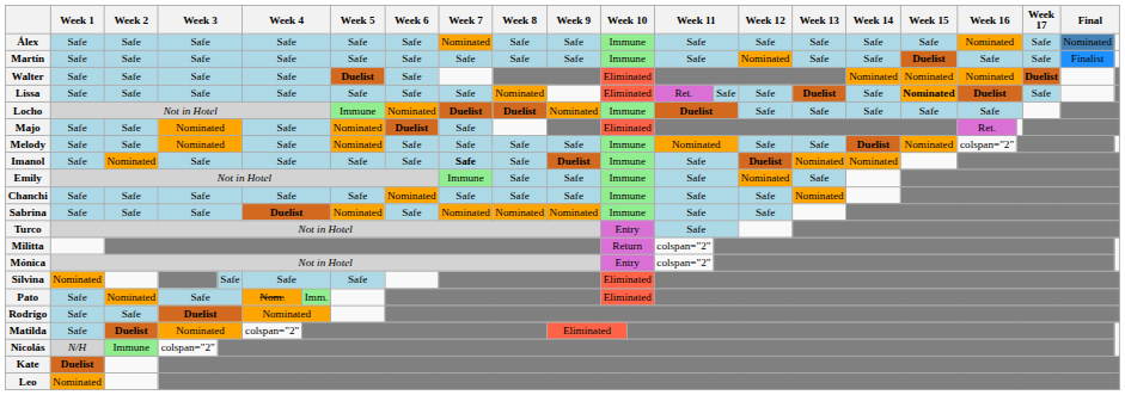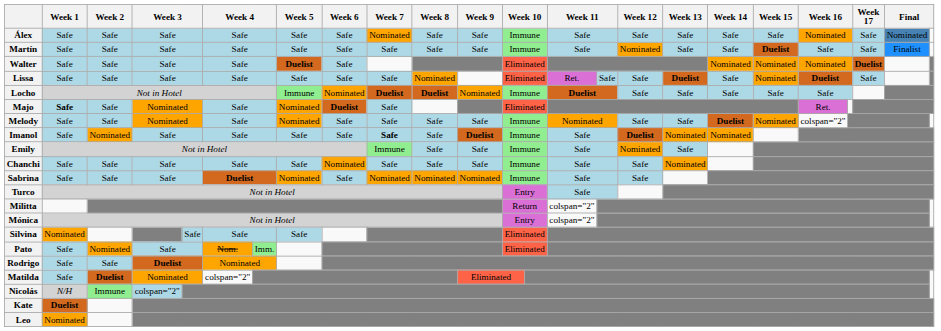 <table class="wikitable" style="text-align:center; font-size:65%; align:left;">
 <tr>
 <th style="width:6%"></th>
 <th style="width:%">Week 1</th>
 <th style="width:%">Week 2</th>
 <th colspan="2" style="width:%">Week 3</th>
 <th colspan="2" style="width:%">Week 4</th>
 <th style="width:%">Week 5</th>
 <th style="width:%">Week 6</th>
 <th style="width:%">Week 7</th>
 <th style="width:%">Week 8</th>
 <th style="width:%">Week 9</th>
 <th colspan="2" style="width:%">Week 10</th>
 <th colspan="2" style="width:%">Week 11</th>
 <th style="width:%">Week 12</th>
 <th style="width:%">Week 13</th>
 <th style="width:%">Week 14</th>
 <th style="width:%">Week 15</th>
 <th style="width:%" colspan="2">Week 16</th>
 <th style="width:%">Week 17</th>
 <th colspan="2" style="width:%">Final</th>
 </tr>
 <tr>
 <th>Álex</th>
 <td style="background: LightBlue">Safe</td>
 <td style="background: LightBlue">Safe</td>
 <td colspan="2" style="background: LightBlue">Safe</td>
 <td colspan="2" style="background: LightBlue">Safe</td>
 <td style="background: LightBlue">Safe</td>
 <td style="background: LightBlue">Safe</td>
 <td style="background: Orange">Nominated</td>
 <td style="background: LightBlue">Safe</td>
 <td style="background: LightBlue">Safe</td>
 <td colspan="2" style="background: Lightgreen">Immune</td>
 <td colspan="2" style="background: LightBlue">Safe</td>
 <td style="background: LightBlue">Safe</td>
 <td style="background: LightBlue">Safe</td>
 <td style="background: LightBlue">Safe</td>
 <td style="background: LightBlue">Safe</td>
 <td colspan="2" style="background: Orange">Nominated</td>
 <td style="background: LightBlue">Safe</td>
 <td style="background:steelblue; text-align:center;">Nominated</td>
 <td></td>
 </tr>
 <tr>
 <th>Martín</th>
 <td style="background: LightBlue">Safe</td>
 <td style="background: LightBlue">Safe</td>
 <td colspan="2" style="background: LightBlue">Safe</td>
 <td colspan="2" style="background: LightBlue">Safe</td>
 <td style="background: LightBlue">Safe</td>
 <td style="background: LightBlue">Safe</td>
 <td style="background: LightBlue">Safe</td>
 <td style="background: LightBlue">Safe</td>
 <td style="background: LightBlue">Safe</td>
 <td colspan="2" style="background: Lightgreen">Immune</td>
 <td colspan="2" style="background: LightBlue">Safe</td>
 <td style="background: Orange">Nominated</td>
 <td style="background: LightBlue">Safe</td>
 <td style="background: LightBlue">Safe</td>
 <td style="background: Chocolate"><strong>Duelist</strong></td>
 <td colspan="2" style="background: LightBlue">Safe</td>
 <td style="background: LightBlue">Safe</td>
 <td style="background:dodgerblue">Finalist</td>
 <td></td>
 </tr>
 <tr>
 <th>Walter</th>
 <td style="background: LightBlue">Safe</td>
 <td style="background: LightBlue">Safe</td>
 <td colspan="2" style="background: LightBlue">Safe</td>
 <td colspan="2" style="background: LightBlue">Safe</td>
 <td style="background: Chocolate"><strong>Duelist</strong></td>
 <td style="background: LightBlue">Safe</td>
 <td></td>
 <td colspan="2" style="background:grey"></td>
 <td colspan="2" bgcolor=tomato>Eliminated</td>
 <td colspan="4" style="background:grey"></td>
 <td style="background: orange">Nominated</td>
 <td style="background: Orange">Nominated</td>
 <td colspan="2" style="background: Orange">Nominated</td>
 <td style="background: Chocolate"><strong>Duelist</strong></td>
 <td></td>
 <td style="background:grey"></td>
 </tr>
 <tr>
 <th>Lissa</th>
 <td style="background: LightBlue">Safe</td>
 <td style="background: LightBlue">Safe</td>
 <td colspan="2" style="background: LightBlue">Safe</td>
 <td colspan="2" style="background: LightBlue">Safe</td>
 <td style="background: LightBlue">Safe</td>
 <td style="background: LightBlue">Safe</td>
 <td style="background: LightBlue">Safe</td>
 <td style="background: Orange">Nominated</td>
 <td></td>
 <td colspan="2" bgcolor=tomato>Eliminated</td>
 <td style="background: orchid">Ret.</td>
 <td style="background: LightBlue">Safe</td>
 <td style="background: LightBlue">Safe</td>
 <td style="background: Chocolate"><strong>Duelist</strong></td>
 <td style="background: LightBlue">Safe</td>
-<td style="background: Orange"><strong>Nominated</strong></td>
+<td style="background: Orange">Nominated</td>
 <td colspan="2" style="background: Chocolate"><strong>Duelist</strong></td>
 <td style="background: LightBlue">Safe</td>
 <td></td>
 <td style="background:grey"></td>
 </tr>
 <tr>
 <th>Locho</th>
 <td colspan="6" bgcolor="lightgray"><em>Not in Hotel</em></td>
 <td style="background: Lightgreen">Immune</td>
 <td style="background: Orange">Nominated</td>
 <td style="background: Chocolate"><strong>Duelist</strong></td>
 <td style="background: Chocolate"><strong>Duelist</strong></td>
 <td style="background: Orange">Nominated</td>
 <td colspan="2" style="background: Lightgreen">Immune</td>
 <td colspan="2" style="background: Chocolate"><strong>Duelist</strong></td>
 <td style="background: LightBlue">Safe</td>
 <td style="background: LightBlue">Safe</td>
 <td style="background: LightBlue">Safe</td>
 <td style="background: LightBlue">Safe</td>
 <td colspan="2" style="background: LightBlue">Safe</td>
 <td></td>
 <td colspan="2" style="background:grey"></td>
 </tr>
 <tr>
 <th>Majo</th>
-<td style="background: LightBlue">Safe</td>
+<td style="background: LightBlue"><strong>Safe</strong></td>
 <td style="background: LightBlue">Safe</td>
 <td colspan="2" style="background: Orange">Nominated</td>
 <td colspan="2" style="background: LightBlue">Safe</td>
 <td style="background: Orange">Nominated</td>
 <td style="background: Chocolate"><strong>Duelist</strong></td>
 <td style="background: LightBlue">Safe</td>
 <td></td>
 <td style="background:grey"></td>
 <td colspan="2" bgcolor=tomato>Eliminated</td>
 <td colspan="6" style="background:grey"></td>
 <td style="background: orchid">Ret.</td>
 <td></td>
 <td colspan="3" style="background:grey"></td>
 </tr>
 <tr>
 <th>Melody</th>
 <td style="background: LightBlue">Safe</td>
 <td style="background: LightBlue">Safe</td>
 <td colspan="2" style="background: orange">Nominated</td>
 <td colspan="2" style="background: LightBlue">Safe</td>
 <td style="background: orange">Nominated</td>
 <td style="background: LightBlue">Safe</td>
 <td style="background: LightBlue">Safe</td>
 <td style="background: LightBlue">Safe</td>
 <td style="background: LightBlue">Safe</td>
 <td colspan="2" style="background: Lightgreen">Immune</td>
 <td colspan="2" style="background: orange">Nominated</td>
 <td style="background: LightBlue">Safe</td>
 <td style="background: LightBlue">Safe</td>
 <td style="background: Chocolate"><strong>Duelist</strong></td>
 <td style="background: Orange">Nominated</td>
 <td>colspan="2" </td>
 <td colspan="3" style="background:grey"></td>
 </tr>
 <tr>
 <th>Imanol</th>
 <td style="background: LightBlue">Safe</td>
 <td style="background: Orange">Nominated</td>
 <td colspan="2" style="background: LightBlue">Safe</td>
 <td colspan="2" style="background: LightBlue">Safe</td>
 <td style="background: LightBlue">Safe</td>
 <td style="background: LightBlue">Safe</td>
 <td style="background: LightBlue"><strong>Safe</strong></td>
 <td style="background: LightBlue">Safe</td>
 <td style="background: Chocolate"><strong>Duelist</strong></td>
 <td colspan="2" style="background: Lightgreen">Immune</td>
 <td colspan="2" style="background: LightBlue">Safe</td>
 <td style="background: Chocolate"><strong>Duelist</strong></td>
 <td style="background: Orange">Nominated</td>
 <td style="background: Orange">Nominated</td>
 <td></td>
 <td colspan="5" style="background:grey"></td>
 </tr>
 <tr>
 <th>Emily</th>
 <td colspan="8" bgcolor="lightgray"><em>Not in Hotel</em></td>
 <td style="background: Lightgreen">Immune</td>
 <td style="background: LightBlue">Safe</td>
 <td style="background: LightBlue">Safe</td>
 <td colspan="2" style="background: Lightgreen">Immune</td>
 <td colspan="2" style="background: LightBlue">Safe</td>
 <td style="background: Orange">Nominated</td>
 <td style="background: LightBlue">Safe</td>
 <td></td>
 <td colspan="6" style="background:grey"></td>
 </tr>
 <tr>
 <th>Chanchi</th>
 <td style="background: LightBlue">Safe</td>
 <td style="background: LightBlue">Safe</td>
 <td colspan="2" style="background: LightBlue">Safe</td>
 <td colspan="2" style="background: LightBlue">Safe</td>
 <td style="background: LightBlue">Safe</td>
 <td style="background: Orange">Nominated</td>
 <td style="background: LightBlue">Safe</td>
 <td style="background: LightBlue">Safe</td>
 <td style="background: LightBlue">Safe</td>
 <td colspan="2" style="background: Lightgreen">Immune</td>
 <td colspan="2" style="background: LightBlue">Safe</td>
 <td style="background: LightBlue">Safe</td>
 <td style="background: Orange">Nominated</td>
 <td></td>
 <td colspan="6" style="background:grey"></td>
 </tr>
 <tr>
 <th>Sabrina</th>
 <td style="background: LightBlue">Safe</td>
 <td style="background: LightBlue">Safe</td>
 <td colspan="2" style="background: LightBlue">Safe</td>
 <td colspan="2" style="background: Chocolate"><strong>Duelist</strong></td>
 <td style="background: Orange">Nominated</td>
 <td style="background: LightBlue">Safe</td>
 <td style="background: Orange">Nominated</td>
 <td style="background: Orange">Nominated</td>
 <td style="background: Orange">Nominated</td>
 <td colspan="2" style="background: Lightgreen">Immune</td>
 <td colspan="2" style="background: LightBlue">Safe</td>
 <td style="background: LightBlue">Safe</td>
 <td></td>
 <td colspan="7" style="background:grey"></td>
 </tr>
 <tr>
 <th>Turco</th>
 <td colspan="11" bgcolor="lightgray"><em>Not in Hotel</em></td>
 <td colspan="2" style="background: orchid">Entry</td>
 <td colspan="2" style="background: LightBlue">Safe</td>
 <td></td>
 <td colspan="8" style="background:grey"></td>
 </tr>
 <tr>
 <th>Militta</th>
 <td></td>
 <td colspan="10" style="background:grey"></td>
 <td colspan="2" style="background: orchid">Return</td>
 <td>colspan="2" </td>
 <td colspan="9" style="background:grey"></td>
 </tr>
 <tr>
 <th>Mónica</th>
 <td colspan="11" bgcolor="lightgray"><em>Not in Hotel</em></td>
 <td colspan="2" style="background: orchid">Entry</td>
 <td>colspan="2" </td>
 <td colspan="9" style="background:grey"></td>
 </tr>
 <tr>
 <th>Silvina</th>
 <td style="background: Orange">Nominated</td>
 <td></td>
 <td style="background:grey"></td>
 <td style="background: LightBlue">Safe</td>
 <td colspan="2" style="background: LightBlue">Safe</td>
 <td style="background: LightBlue">Safe</td>
 <td></td>
 <td colspan="3" style="background:grey"></td>
 <td colspan="2" bgcolor=tomato>Eliminated</td>
 <td colspan="11" style="background:grey"></td>
 </tr>
 <tr>
 <th>Pato</th>
 <td style="background: LightBlue">Safe</td>
 <td style="background: Orange">Nominated</td>
 <td colspan="2" style="background: LightBlue">Safe</td>
 <td style="background: Orange"><s>Nom.</s></td>
 <td style="background: Lightgreen">Imm.</td>
 <td></td>
 <td colspan="4" style="background:grey"></td>
 <td colspan="2" bgcolor=tomato>Eliminated</td>
 <td colspan="11" style="background:grey"></td>
 </tr>
 <tr>
 <th>Rodrigo</th>
 <td style="background: LightBlue">Safe</td>
 <td style="background: LightBlue">Safe</td>
 <td colspan="2" style="background: Chocolate"><strong>Duelist</strong></td>
 <td colspan="2" style="background: Orange">Nominated</td>
 <td></td>
 <td colspan="17" style="background:grey"></td>
 </tr>
 <tr>
 <th>Matilda</th>
 <td style="background: lightblue">Safe</td>
 <td style="background: Chocolate"><strong>Duelist</strong></td>
 <td colspan="2" style="background: orange">Nominated</td>
 <td>colspan="2" </td>
 <td colspan="5" style="background:grey"></td>
 <td colspan="2" bgcolor=tomato>Eliminated</td>
 <td colspan="11" style="background:grey"></td>
 </tr>
 <tr>
 <th>Nicolás</th>
 <td bgcolor="lightgray"><em>N/H</em></td>
 <td style="background: Lightgreen">Immune</td>
-<td>colspan="2" </td>
+<td style="background: lightblue;">colspan="2" </td>
 <td colspan="20" style="background:grey"></td>
 </tr>
 <tr>
 <th>Kate</th>
 <td style="background: chocolate"><strong>Duelist</strong></td>
 <td></td>
 <td colspan="22" style="background:grey"></td>
 </tr>
 <tr>
 <th>Leo</th>
 <td style="background: Orange">Nominated</td>
 <td></td>
 <td colspan="22" style="background:grey"></td>
 </tr>
 </table>
